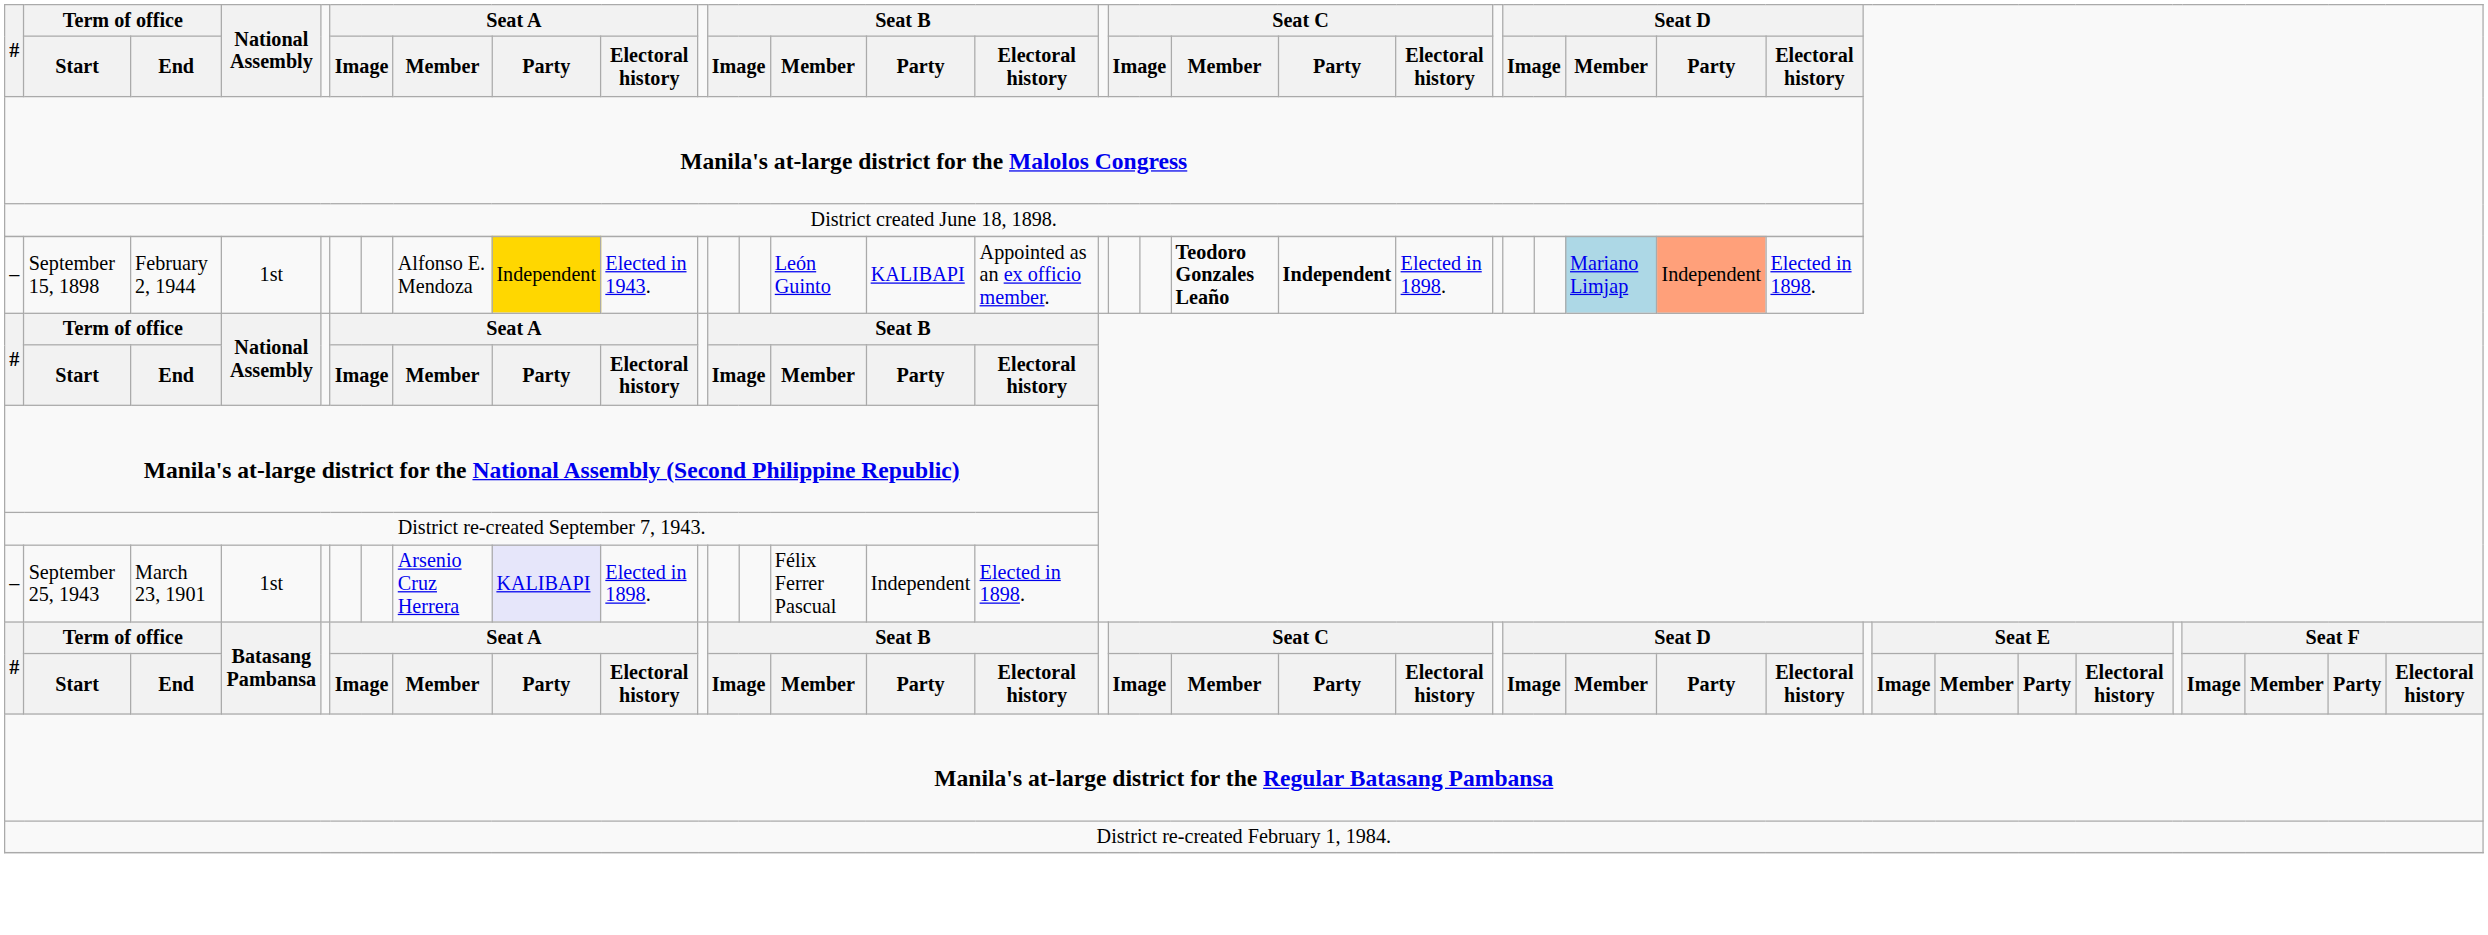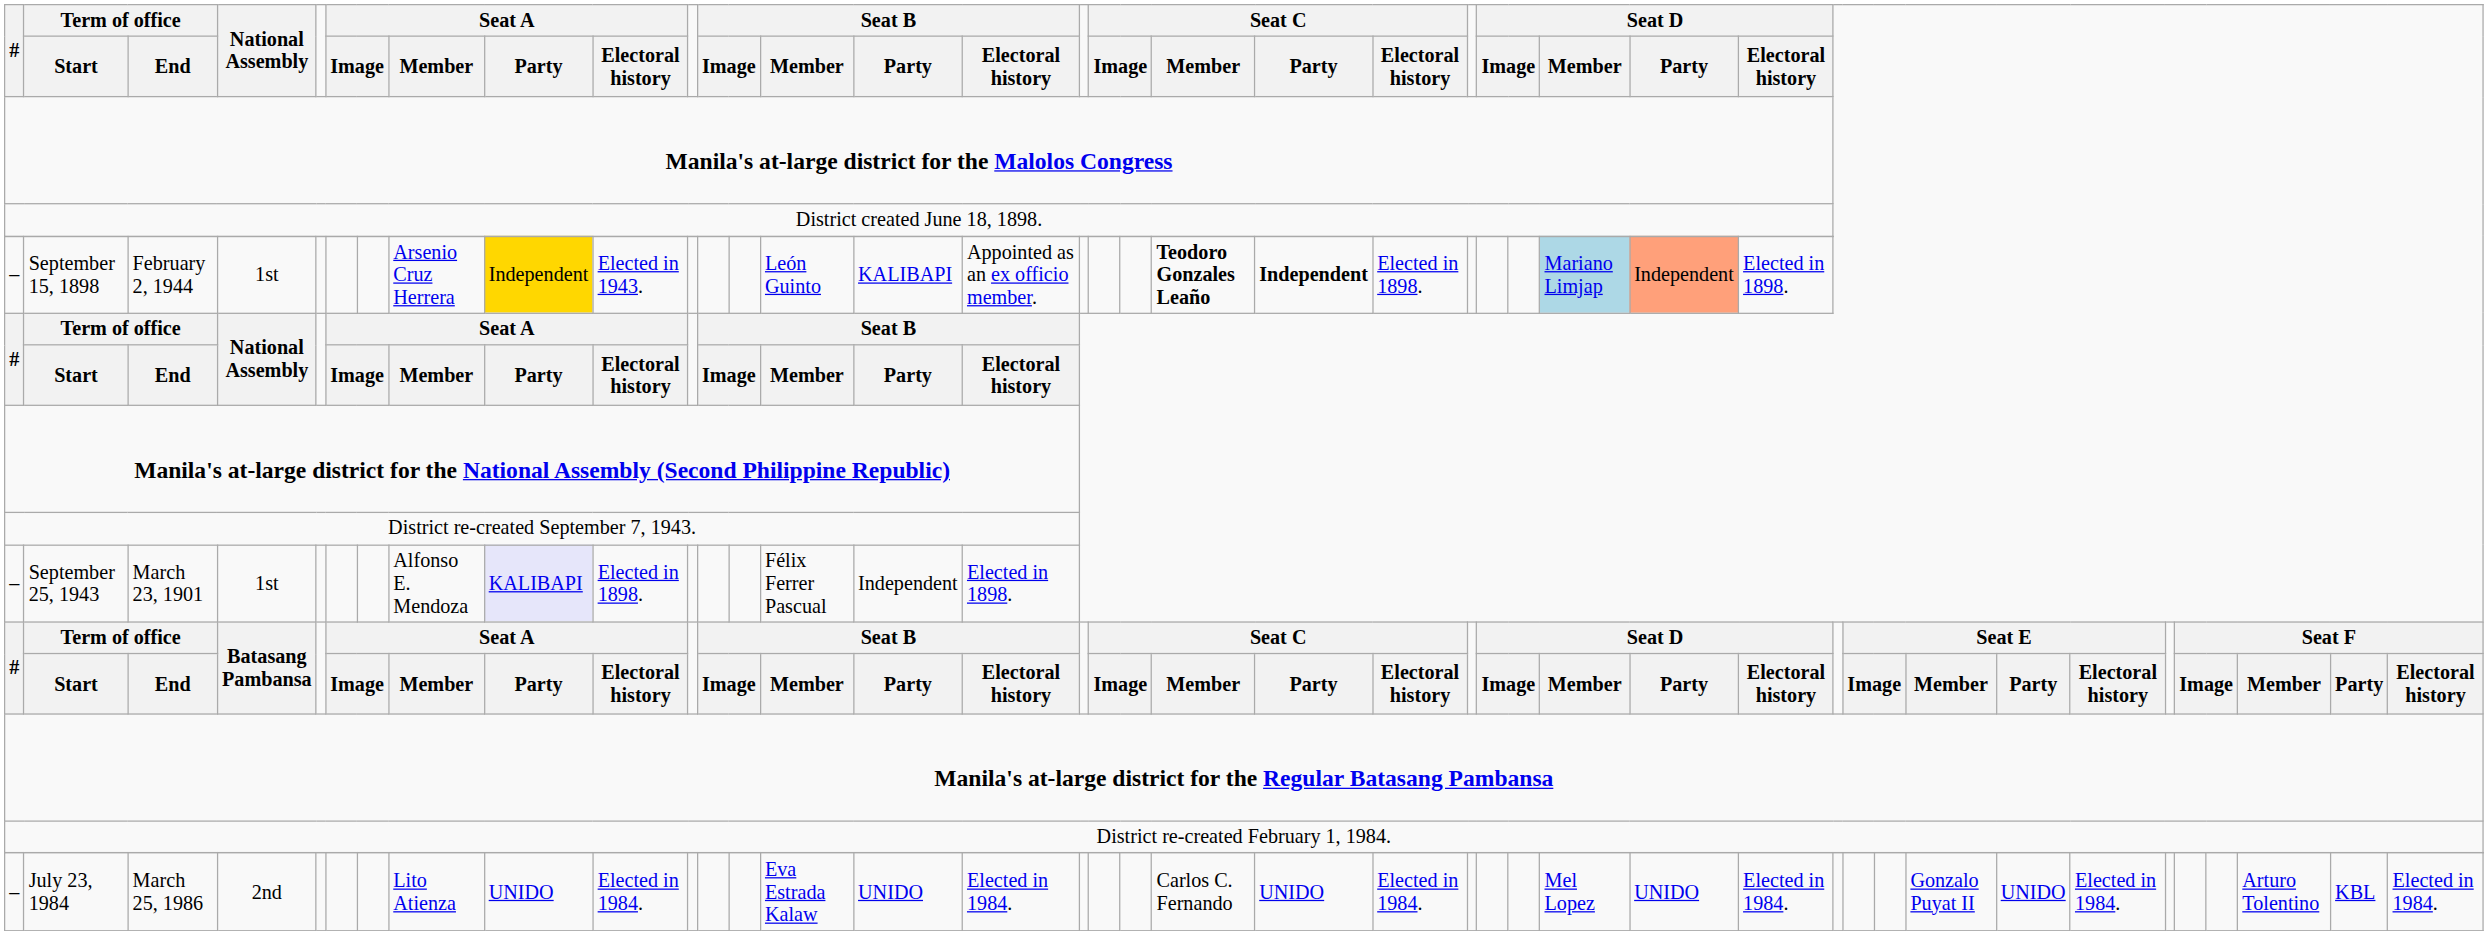 <table class=wikitable>
 <tr>
 <th rowspan=2>#</th>
 <th colspan=2>Term of office</th>
 <th rowspan=2>National<br>Assembly</th>
 <td rowspan=2></td>
 <th colspan=5>Seat A</th>
 <td rowspan=2></td>
 <th colspan=5>Seat B</th>
 <td rowspan=2></td>
 <th colspan=5>Seat C</th>
 <td rowspan=2></td>
 <th colspan=5>Seat D</th>
 </tr>
 <tr style="height:3em">
 <th>Start</th>
 <th>End</th>
 <th colspan="2" style="text-align:center;">Image</th>
 <th>Member</th>
 <th>Party</th>
 <th>Electoral history</th>
 <th colspan="2" style="text-align:center;">Image</th>
 <th>Member</th>
 <th>Party</th>
 <th>Electoral history</th>
 <th colspan="2" style="text-align:center;">Image</th>
 <th>Member</th>
 <th>Party</th>
 <th>Electoral history</th>
 <th colspan="2" style="text-align:center;">Image</th>
 <th>Member</th>
 <th>Party</th>
 <th>Electoral history</th>
 </tr>
 <tr>
 <td colspan="28" style="text-align:center;"><br><h3>Manila's at-large district for the <a href='#'>Malolos Congress</a></h3></td>
 </tr>
 <tr>
 <td colspan="28" style="text-align:center;">District created June 18, 1898.</td>
 </tr>
 <tr>
 </tr>
 <tr style="height:3em">
 <td style="text-align:center;">–</td>
 <td>September 15, 1898</td>
 <td>February 2, 1944</td>
 <td style="text-align:center;">1st</td>
 <td></td>
 <td style="color:inherit;background:"></td>
 <td></td>
-<td>Alfonso E. Mendoza</td>
+<td><a href='#'>Arsenio Cruz Herrera</a></td>
 <td style="background: gold;">Independent</td>
 <td><a href='#'>Elected in 1943</a>.</td>
 <td></td>
 <td style="color:inherit;background:"></td>
 <td></td>
 <td><a href='#'>León Guinto</a></td>
 <td><a href='#'>KALIBAPI</a></td>
 <td>Appointed as an <a href='#'>ex officio member</a>.</td>
 <td></td>
 <td style="color:inherit;background:"></td>
 <td></td>
 <td><strong>Teodoro Gonzales Leaño</strong></td>
 <td><strong>Independent</strong></td>
 <td><a href='#'>Elected in 1898</a>.</td>
 <td></td>
 <td style="color:inherit;background:"></td>
 <td></td>
 <td style="background: lightblue;"><a href='#'>Mariano Limjap</a></td>
 <td style="background: lightsalmon;">Independent</td>
 <td><a href='#'>Elected in 1898</a>.</td>
 </tr>
 <tr>
 <th rowspan=2>#</th>
 <th colspan=2>Term of office</th>
 <th rowspan=2>National<br>Assembly</th>
 <td rowspan=2></td>
 <th colspan=5>Seat A</th>
 <td rowspan=2></td>
 <th colspan=5>Seat B</th>
 </tr>
 <tr style="height:3em">
 <th>Start</th>
 <th>End</th>
 <th colspan="2" style="text-align:center;">Image</th>
 <th>Member</th>
 <th>Party</th>
 <th>Electoral history</th>
 <th colspan="2" style="text-align:center;">Image</th>
 <th>Member</th>
 <th>Party</th>
 <th>Electoral history</th>
 </tr>
 <tr>
 <td colspan=16 style="text-align:center;"><br><h3>Manila's at-large district for the <a href='#'>National Assembly (Second Philippine Republic)</a></h3></td>
 </tr>
 <tr>
 <td colspan="16" style="text-align:center;">District re-created September 7, 1943.</td>
 </tr>
 <tr>
 <td style="text-align:center;">–</td>
 <td>September 25, 1943</td>
 <td>March 23, 1901</td>
 <td style="text-align:center;">1st</td>
 <td></td>
 <td style="color:inherit;background:"></td>
 <td></td>
-<td><a href='#'>Arsenio Cruz Herrera</a></td>
+<td>Alfonso E. Mendoza</td>
 <td style="background: lavender;"><a href='#'>KALIBAPI</a></td>
 <td><a href='#'>Elected in 1898</a>.</td>
 <td></td>
 <td style="color:inherit;background:"></td>
 <td></td>
 <td>Félix Ferrer Pascual</td>
 <td>Independent</td>
 <td><a href='#'>Elected in 1898</a>.</td>
 </tr>
 <tr>
 <th rowspan=2>#</th>
 <th colspan=2>Term of office</th>
 <th rowspan=2>Batasang<br>Pambansa</th>
 <td rowspan=2></td>
 <th colspan=5>Seat A</th>
 <td rowspan=2></td>
 <th colspan=5>Seat B</th>
 <td rowspan=2></td>
 <th colspan=5>Seat C</th>
 <td rowspan=2></td>
 <th colspan=5>Seat D</th>
 <td rowspan=2></td>
 <th colspan=5>Seat E</th>
 <td rowspan=2></td>
 <th colspan=5>Seat F</th>
 </tr>
 <tr style="height:3em">
 <th>Start</th>
 <th>End</th>
 <th colspan="2" style="text-align:center;">Image</th>
 <th>Member</th>
 <th>Party</th>
 <th>Electoral history</th>
 <th colspan="2" style="text-align:center;">Image</th>
 <th>Member</th>
 <th>Party</th>
 <th>Electoral history</th>
 <th colspan="2" style="text-align:center;">Image</th>
 <th>Member</th>
 <th>Party</th>
 <th>Electoral history</th>
 <th colspan="2" style="text-align:center;">Image</th>
 <th>Member</th>
 <th>Party</th>
 <th>Electoral history</th>
 <th colspan="2" style="text-align:center;">Image</th>
 <th>Member</th>
 <th>Party</th>
 <th>Electoral history</th>
 <th colspan="2" style="text-align:center;">Image</th>
 <th>Member</th>
 <th>Party</th>
 <th>Electoral history</th>
 </tr>
 <tr>
 <td colspan="40" style="text-align:center;"><br><h3>Manila's at-large district for the <a href='#'>Regular Batasang Pambansa</a></h3></td>
 </tr>
 <tr>
 <td colspan="40" style="text-align:center;">District re-created February 1, 1984.</td>
 </tr>
 <tr>
 </tr>
+<tr style="height:3em">
+<td style="text-align:center;">–</td>
+<td>July 23, 1984</td>
+<td>March 25, 1986</td>
+<td style="text-align:center;">2nd</td>
+<td></td>
+<td style="color:inherit;background:"></td>
+<td></td>
+<td><a href='#'>Lito Atienza</a></td>
+<td><a href='#'>UNIDO</a></td>
+<td><a href='#'>Elected in 1984</a>.</td>
+<td></td>
+<td style="color:inherit;background:"></td>
+<td></td>
+<td><a href='#'>Eva Estrada Kalaw</a></td>
+<td><a href='#'>UNIDO</a></td>
+<td><a href='#'>Elected in 1984</a>.</td>
+<td></td>
+<td style="color:inherit;background:"></td>
+<td></td>
+<td>Carlos C. Fernando</td>
+<td><a href='#'>UNIDO</a></td>
+<td><a href='#'>Elected in 1984</a>.</td>
+<td></td>
+<td style="color:inherit;background:"></td>
+<td></td>
+<td><a href='#'>Mel Lopez</a></td>
+<td><a href='#'>UNIDO</a></td>
+<td><a href='#'>Elected in 1984</a>.</td>
+<td></td>
+<td style="color:inherit;background:"></td>
+<td></td>
+<td><a href='#'>Gonzalo Puyat II</a></td>
+<td><a href='#'>UNIDO</a></td>
+<td><a href='#'>Elected in 1984</a>.</td>
+<td></td>
+<td style="color:inherit;background:"></td>
+<td></td>
+<td><a href='#'>Arturo Tolentino</a></td>
+<td><a href='#'>KBL</a></td>
+<td><a href='#'>Elected in 1984</a>.</td>
+</tr>
 </table>
